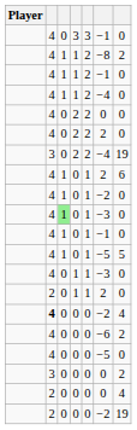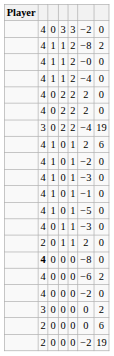 <table class="wikitable sortable" style="text-align:center;">
 <tr>
 <th>Player</th>
 <th></th>
 <th></th>
 <th></th>
 <th></th>
 <th data-sort-type="number"></th>
 <th></th>
 </tr>
 <tr>
 <td></td>
 <td>4</td>
 <td>0</td>
 <td>3</td>
 <td>3</td>
-<td>−1</td>
+<td>−2</td>
 <td>0</td>
 </tr>
 <tr>
 <td></td>
 <td>4</td>
 <td>1</td>
 <td>1</td>
 <td>2</td>
 <td>−8</td>
 <td>2</td>
 </tr>
 <tr>
 <td></td>
 <td>4</td>
 <td>1</td>
 <td>1</td>
 <td>2</td>
-<td>−1</td>
+<td>−0</td>
 <td>0</td>
 </tr>
 <tr>
 <td></td>
 <td>4</td>
 <td>1</td>
 <td>1</td>
 <td>2</td>
 <td>−4</td>
 <td>0</td>
 </tr>
 <tr>
 <td></td>
 <td>4</td>
 <td>0</td>
 <td>2</td>
 <td>2</td>
-<td>0</td>
+<td>2</td>
 <td>0</td>
 </tr>
 <tr>
 <td></td>
 <td>4</td>
 <td>0</td>
 <td>2</td>
 <td>2</td>
 <td>2</td>
 <td>0</td>
 </tr>
 <tr>
 <td></td>
 <td>3</td>
 <td>0</td>
 <td>2</td>
 <td>2</td>
 <td>−4</td>
 <td>19</td>
 </tr>
 <tr>
 <td></td>
 <td>4</td>
 <td>1</td>
 <td>0</td>
 <td>1</td>
 <td>2</td>
 <td>6</td>
 </tr>
 <tr>
 <td></td>
 <td>4</td>
 <td>1</td>
 <td>0</td>
 <td>1</td>
 <td>−2</td>
 <td>0</td>
 </tr>
 <tr>
 <td></td>
 <td>4</td>
-<td style="background: lightgreen;">1</td>
+<td>1</td>
 <td>0</td>
 <td>1</td>
 <td>−3</td>
 <td>0</td>
 </tr>
 <tr>
 <td></td>
 <td>4</td>
 <td>1</td>
 <td>0</td>
 <td>1</td>
 <td>−1</td>
 <td>0</td>
 </tr>
 <tr>
 <td></td>
 <td>4</td>
 <td>1</td>
 <td>0</td>
 <td>1</td>
 <td>−5</td>
-<td>5</td>
+<td>0</td>
 </tr>
 <tr>
 <td></td>
 <td>4</td>
 <td>0</td>
 <td>1</td>
 <td>1</td>
 <td>−3</td>
 <td>0</td>
 </tr>
 <tr>
 <td></td>
 <td>2</td>
 <td>0</td>
 <td>1</td>
 <td>1</td>
 <td>2</td>
 <td>0</td>
 </tr>
 <tr>
 <td></td>
 <td><strong>4</strong></td>
 <td>0</td>
 <td>0</td>
 <td>0</td>
-<td>−2</td>
-<td>4</td>
+<td>−8</td>
+<td>0</td>
 </tr>
 <tr>
 <td></td>
 <td>4</td>
 <td>0</td>
 <td>0</td>
 <td>0</td>
 <td>−6</td>
 <td>2</td>
 </tr>
 <tr>
 <td></td>
 <td>4</td>
 <td>0</td>
 <td>0</td>
 <td>0</td>
-<td>−5</td>
+<td>−2</td>
 <td>0</td>
 </tr>
 <tr>
 <td></td>
 <td>3</td>
 <td>0</td>
 <td>0</td>
 <td>0</td>
 <td>0</td>
 <td>2</td>
 </tr>
 <tr>
 <td></td>
 <td>2</td>
 <td>0</td>
 <td>0</td>
 <td>0</td>
 <td>0</td>
-<td>4</td>
+<td>6</td>
 </tr>
 <tr>
 <td></td>
 <td>2</td>
 <td>0</td>
 <td>0</td>
 <td>0</td>
 <td>−2</td>
 <td>19</td>
 </tr>
 </table>
